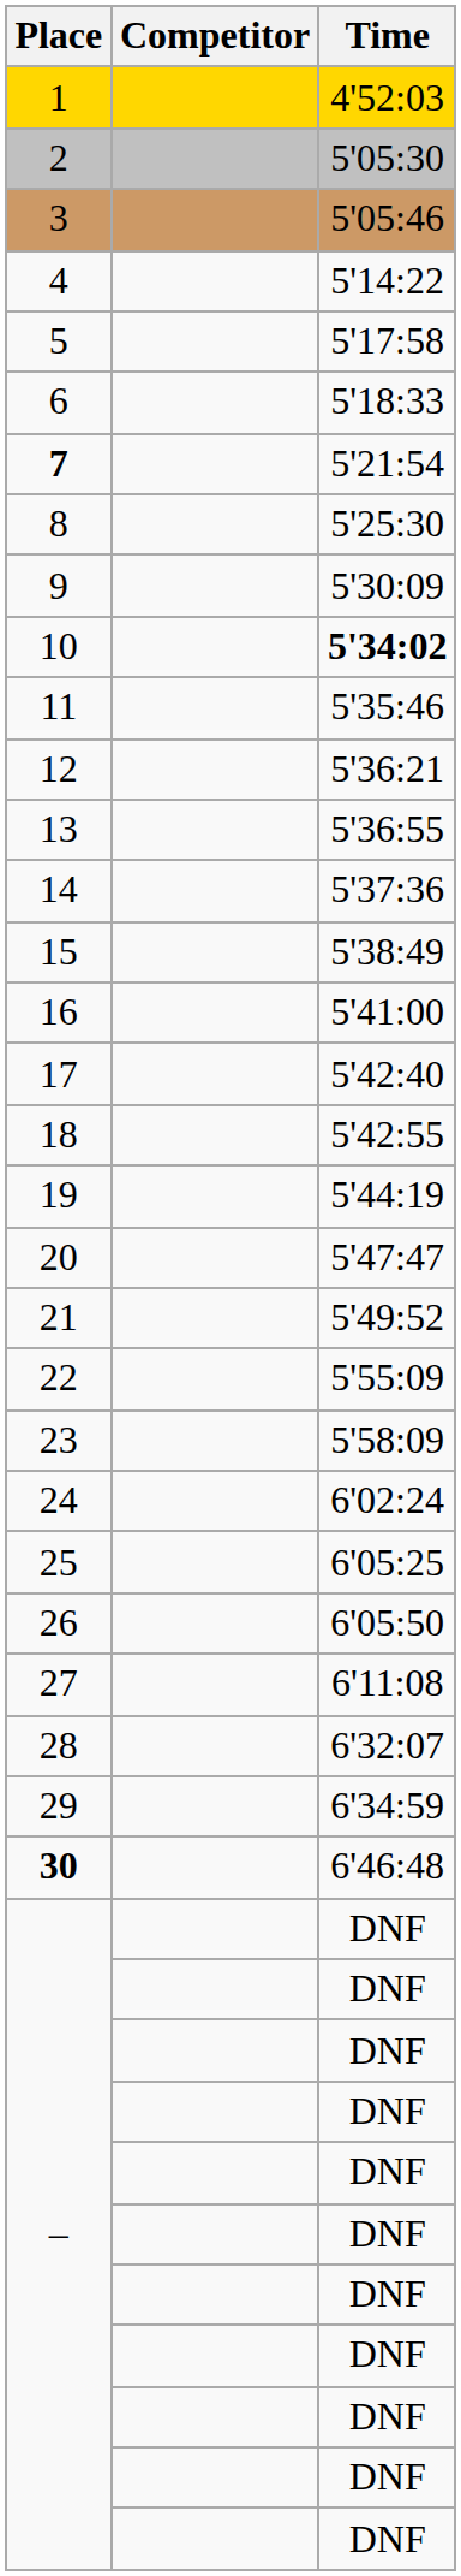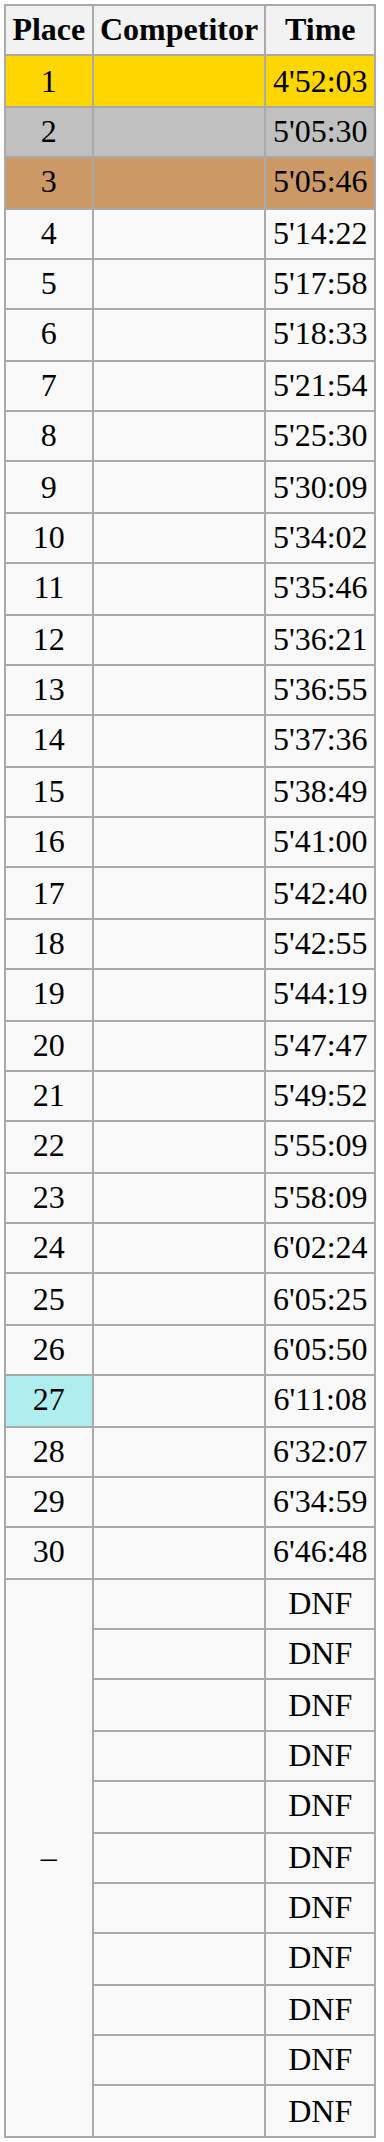 <table class=wikitable style="text-align:center">
 <tr>
 <th>Place</th>
 <th>Competitor</th>
 <th>Time</th>
 </tr>
 <tr align=center bgcolor=gold>
 <td>1</td>
 <td align=left></td>
 <td>4'52:03</td>
 </tr>
 <tr align=center bgcolor=silver>
 <td>2</td>
 <td align=left></td>
 <td>5'05:30</td>
 </tr>
 <tr align=center bgcolor=cc9966>
 <td>3</td>
 <td align=left></td>
 <td>5'05:46</td>
 </tr>
 <tr>
 <td>4</td>
 <td align=left></td>
 <td>5'14:22</td>
 </tr>
 <tr>
 <td>5</td>
 <td align=left></td>
 <td>5'17:58</td>
 </tr>
 <tr>
 <td>6</td>
 <td align=left></td>
 <td>5'18:33</td>
 </tr>
 <tr>
-<td><strong>7</strong></td>
+<td>7</td>
 <td align=left></td>
 <td>5'21:54</td>
 </tr>
 <tr>
 <td>8</td>
 <td align=left></td>
 <td>5'25:30</td>
 </tr>
 <tr>
 <td>9</td>
 <td align=left></td>
 <td>5'30:09</td>
 </tr>
 <tr>
 <td>10</td>
 <td align=left></td>
-<td><strong>5'34:02</strong></td>
+<td>5'34:02</td>
 </tr>
 <tr>
 <td>11</td>
 <td align=left></td>
 <td>5'35:46</td>
 </tr>
 <tr>
 <td>12</td>
 <td align=left></td>
 <td>5'36:21</td>
 </tr>
 <tr>
 <td>13</td>
 <td align=left></td>
 <td>5'36:55</td>
 </tr>
 <tr>
 <td>14</td>
 <td align=left></td>
 <td>5'37:36</td>
 </tr>
 <tr>
 <td>15</td>
 <td align=left></td>
 <td>5'38:49</td>
 </tr>
 <tr>
 <td>16</td>
 <td align=left></td>
 <td>5'41:00</td>
 </tr>
 <tr>
 <td>17</td>
 <td align=left></td>
 <td>5'42:40</td>
 </tr>
 <tr>
 <td>18</td>
 <td align=left></td>
 <td>5'42:55</td>
 </tr>
 <tr>
 <td>19</td>
 <td align=left></td>
 <td>5'44:19</td>
 </tr>
 <tr>
 <td>20</td>
 <td align=left></td>
 <td>5'47:47</td>
 </tr>
 <tr>
 <td>21</td>
 <td align=left></td>
 <td>5'49:52</td>
 </tr>
 <tr>
 <td>22</td>
 <td align=left></td>
 <td>5'55:09</td>
 </tr>
 <tr>
 <td>23</td>
 <td align=left></td>
 <td>5'58:09</td>
 </tr>
 <tr>
 <td>24</td>
 <td align=left></td>
 <td>6'02:24</td>
 </tr>
 <tr>
 <td>25</td>
 <td align=left></td>
 <td>6'05:25</td>
 </tr>
 <tr>
 <td>26</td>
 <td align=left></td>
 <td>6'05:50</td>
 </tr>
 <tr>
-<td>27</td>
+<td style="background: paleturquoise;">27</td>
 <td align=left></td>
 <td>6'11:08</td>
 </tr>
 <tr>
 <td>28</td>
 <td align=left></td>
 <td>6'32:07</td>
 </tr>
 <tr>
 <td>29</td>
 <td align=left></td>
 <td>6'34:59</td>
 </tr>
 <tr>
-<td><strong>30</strong></td>
+<td>30</td>
 <td align=left></td>
 <td>6'46:48</td>
 </tr>
 <tr>
 <td rowspan=11>–</td>
 <td align=left></td>
 <td>DNF</td>
 </tr>
 <tr>
 <td align=left></td>
 <td>DNF</td>
 </tr>
 <tr>
 <td align=left></td>
 <td>DNF</td>
 </tr>
 <tr>
 <td align=left></td>
 <td>DNF</td>
 </tr>
 <tr>
 <td align=left></td>
 <td>DNF</td>
 </tr>
 <tr>
 <td align=left></td>
 <td>DNF</td>
 </tr>
 <tr>
 <td align=left></td>
 <td>DNF</td>
 </tr>
 <tr>
 <td align=left></td>
 <td>DNF</td>
 </tr>
 <tr>
 <td align=left></td>
 <td>DNF</td>
 </tr>
 <tr>
 <td align=left></td>
 <td>DNF</td>
 </tr>
 <tr>
 <td align=left></td>
 <td>DNF</td>
 </tr>
 </table>
